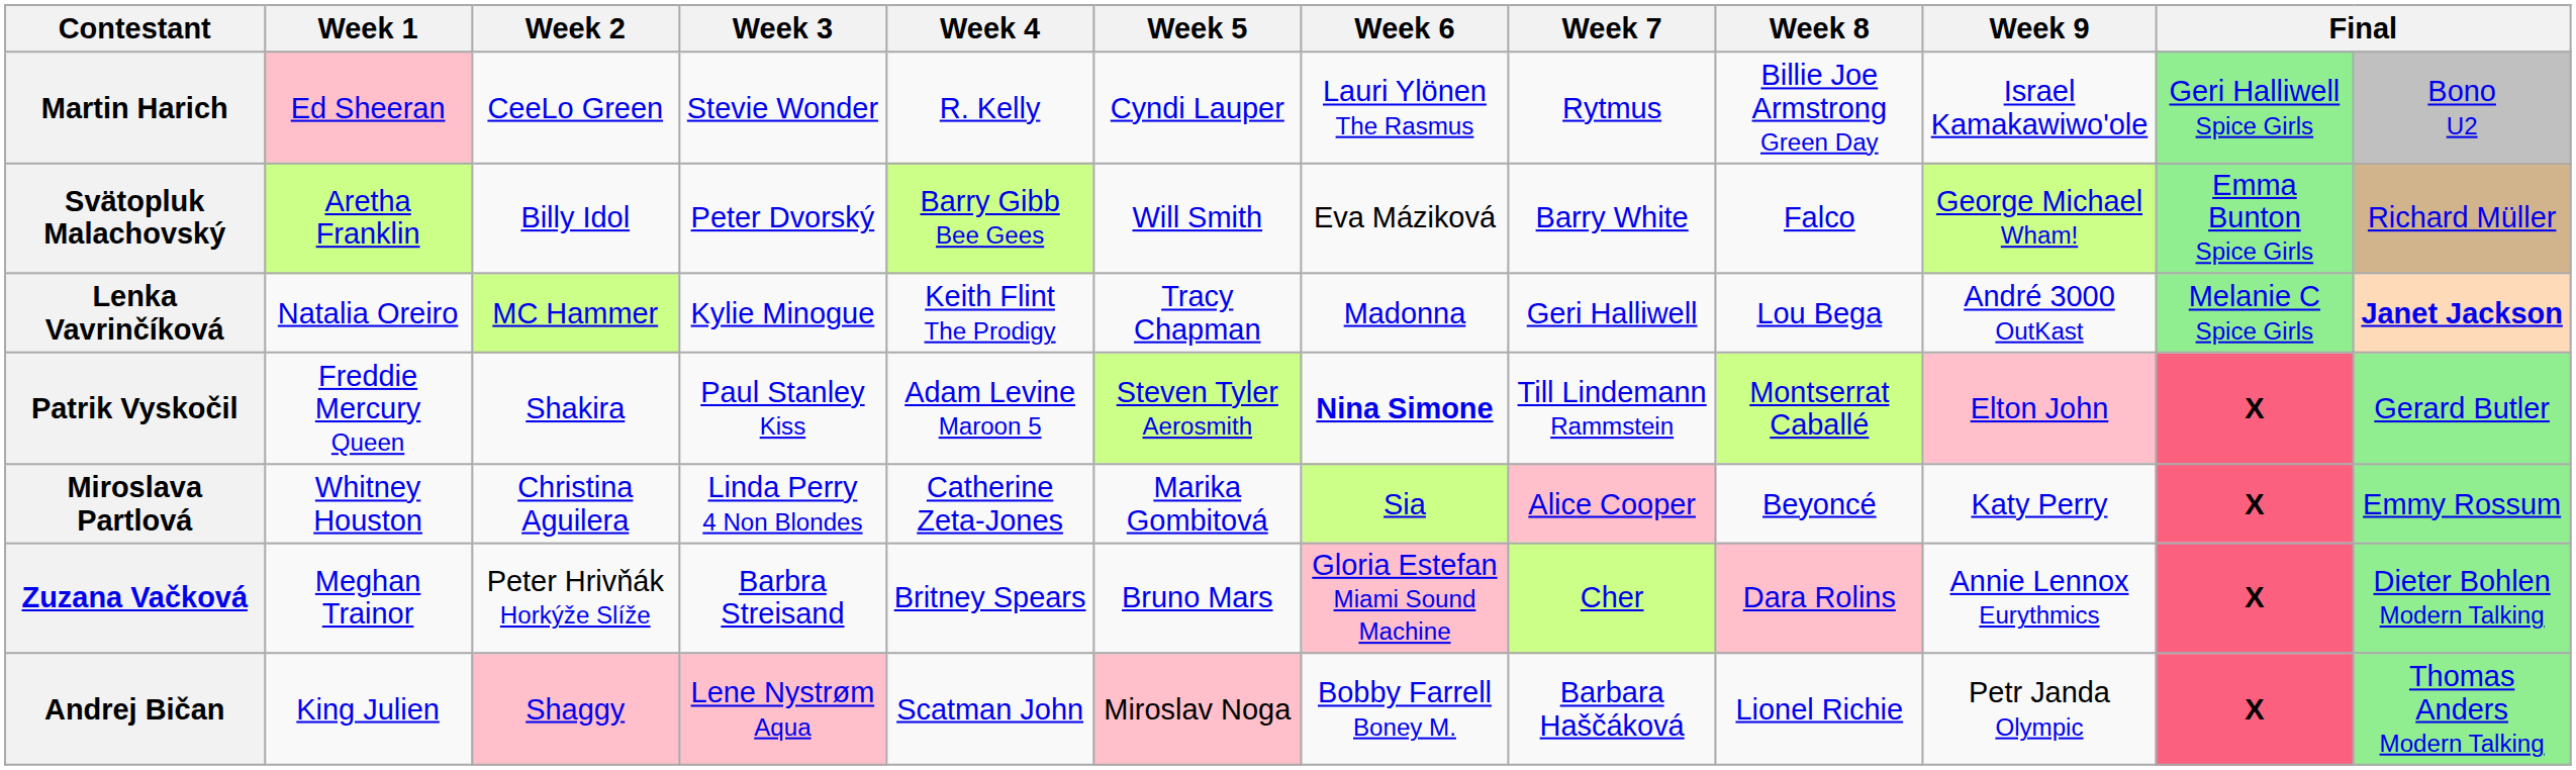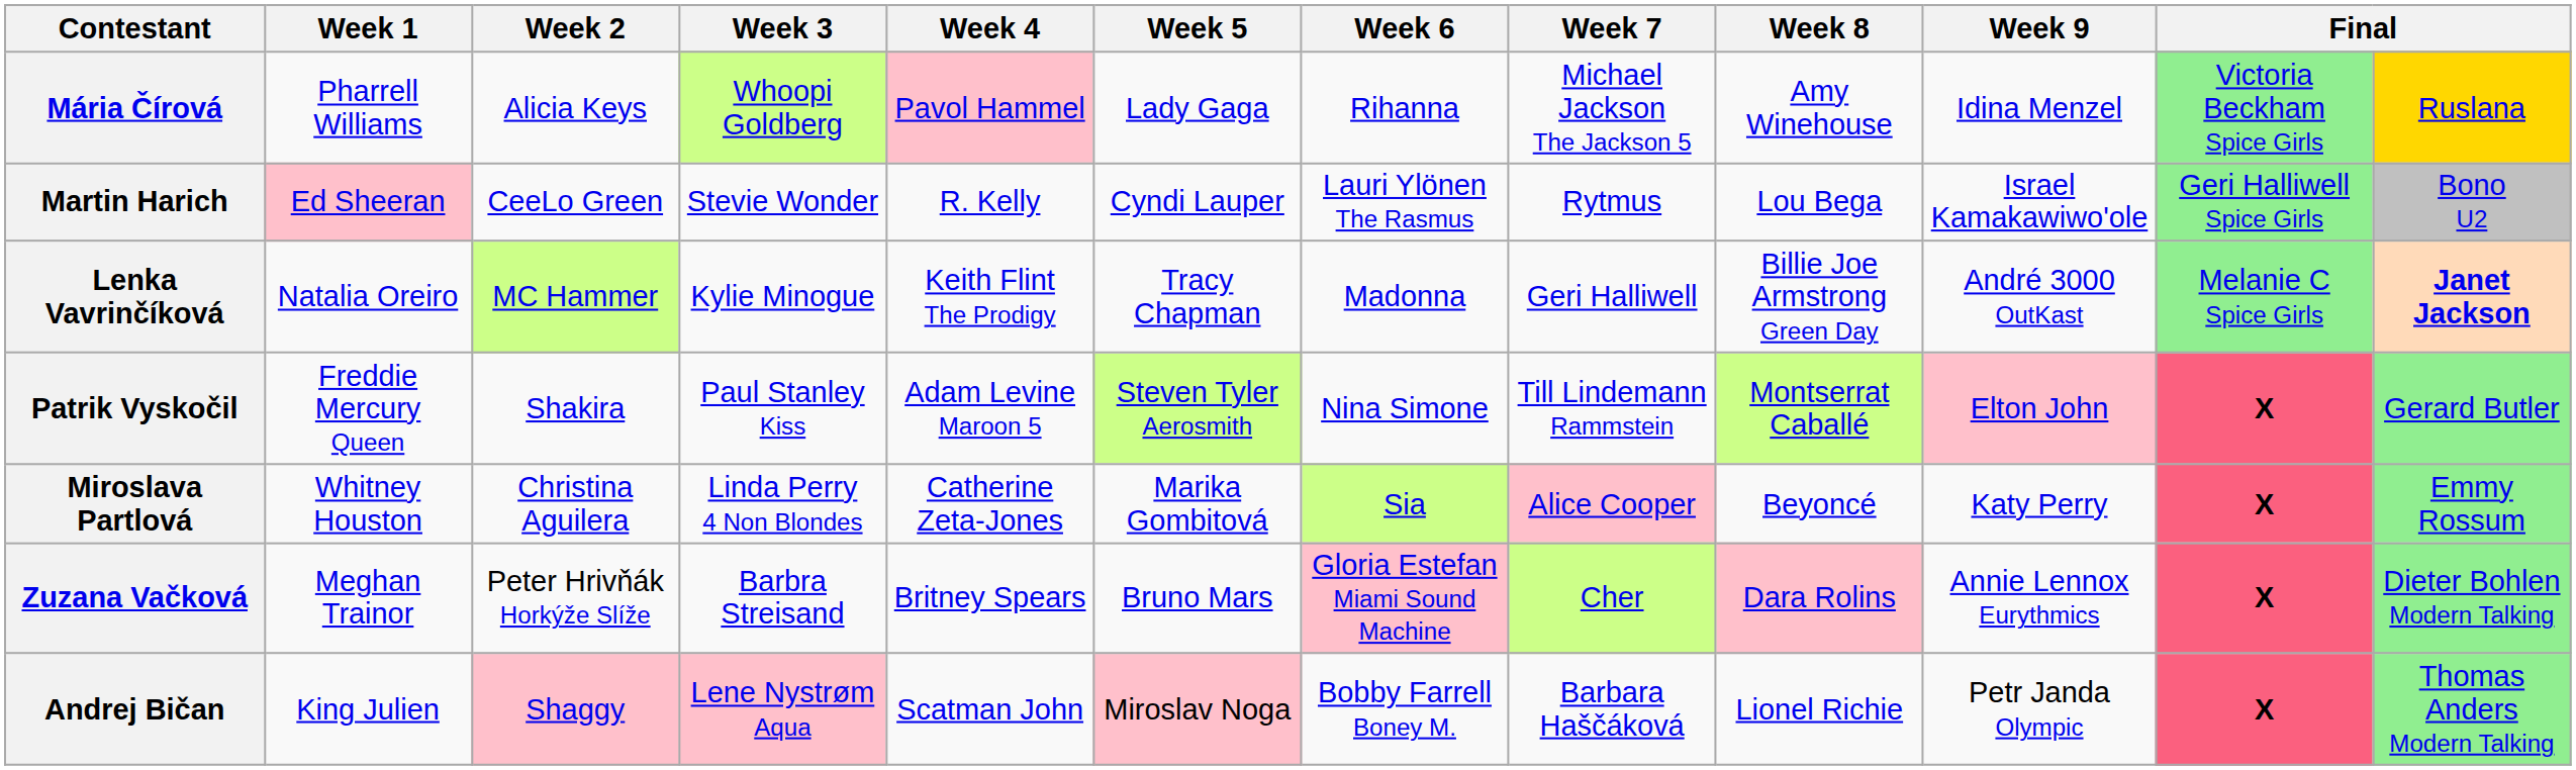 <table class="wikitable" style="font-size:90%; text-align:center; margin-left: auto; margin-right: auto">
 <tr>
 <th style="width: 10%;">Contestant</th>
 <th style="width: 8%;">Week 1</th>
 <th style="width: 8%;">Week 2</th>
 <th style="width: 8%;">Week 3</th>
 <th style="width: 8%;">Week 4</th>
 <th style="width: 8%;">Week 5</th>
 <th style="width: 8%;">Week 6</th>
 <th style="width: 8%;">Week 7</th>
 <th style="width: 8%;">Week 8</th>
 <th style="width: 8%;">Week 9</th>
 <th colspan="2" style="width: 16%;">Final</th>
 </tr>
 <tr>
+<th><a href='#'>Mária Čírová</a></th>
+<td><a href='#'>Pharrell Williams</a></td>
+<td><a href='#'>Alicia Keys</a></td>
+<td style="background:#ccff88"><a href='#'>Whoopi Goldberg</a></td>
+<td style="background:pink"><a href='#'>Pavol Hammel</a></td>
+<td><a href='#'>Lady Gaga</a></td>
+<td><a href='#'>Rihanna</a></td>
+<td><a href='#'>Michael Jackson</a> <br><small><a href='#'>The Jackson 5</a></small></td>
+<td><a href='#'>Amy Winehouse</a></td>
+<td><a href='#'>Idina Menzel</a></td>
+<td style="background:lightgreen"><a href='#'>Victoria Beckham</a> <br><small><a href='#'>Spice Girls</a></small></td>
+<td style="background:gold;"><a href='#'>Ruslana</a></td>
+</tr>
+<tr>
 <th>Martin Harich</th>
 <td style="background:pink"><a href='#'>Ed Sheeran</a></td>
 <td><a href='#'>CeeLo Green</a></td>
 <td><a href='#'>Stevie Wonder</a></td>
 <td><a href='#'>R. Kelly</a></td>
 <td><a href='#'>Cyndi Lauper</a></td>
 <td><a href='#'>Lauri Ylönen</a> <br><small><a href='#'>The Rasmus</a></small></td>
 <td><a href='#'>Rytmus</a></td>
-<td><a href='#'>Billie Joe Armstrong</a> <br><small><a href='#'>Green Day</a></small></td>
+<td><a href='#'>Lou Bega</a></td>
 <td><a href='#'>Israel Kamakawiwo'ole</a></td>
 <td style="background:lightgreen"><a href='#'>Geri Halliwell</a> <br><small><a href='#'>Spice Girls</a></small></td>
 <td style="background:silver;"><a href='#'>Bono</a> <br><small><a href='#'>U2</a></small></td>
-</tr>
-<tr>
-<th>Svätopluk Malachovský</th>
-<td style="background:#ccff88"><a href='#'>Aretha Franklin</a></td>
-<td><a href='#'>Billy Idol</a></td>
-<td><a href='#'>Peter Dvorský</a></td>
-<td style="background:#ccff88"><a href='#'>Barry Gibb</a> <br><small><a href='#'>Bee Gees</a></small></td>
-<td><a href='#'>Will Smith</a></td>
-<td>Eva Máziková</td>
-<td><a href='#'>Barry White</a></td>
-<td><a href='#'>Falco</a></td>
-<td style="background:#ccff88"><a href='#'>George Michael</a> <br><small><a href='#'>Wham!</a></small></td>
-<td style="background:lightgreen"><a href='#'>Emma Bunton</a> <br><small><a href='#'>Spice Girls</a></small></td>
-<td style="background:tan"><a href='#'>Richard Müller</a></td>
 </tr>
 <tr>
 <th>Lenka Vavrinčíková</th>
 <td><a href='#'>Natalia Oreiro</a></td>
 <td style="background:#ccff88"><a href='#'>MC Hammer</a></td>
 <td><a href='#'>Kylie Minogue</a></td>
 <td><a href='#'>Keith Flint</a> <br><small><a href='#'>The Prodigy</a></small></td>
 <td><a href='#'>Tracy Chapman</a></td>
 <td><a href='#'>Madonna</a></td>
 <td><a href='#'>Geri Halliwell</a></td>
-<td><a href='#'>Lou Bega</a></td>
+<td><a href='#'>Billie Joe Armstrong</a> <br><small><a href='#'>Green Day</a></small></td>
 <td><a href='#'>André 3000</a> <br><small><a href='#'>OutKast</a></small></td>
 <td style="background:lightgreen"><a href='#'>Melanie C</a> <br><small><a href='#'>Spice Girls</a></small></td>
 <td style="background:peachpuff"><strong><a href='#'>Janet Jackson</a></strong></td>
 </tr>
 <tr>
 <th>Patrik Vyskočil</th>
 <td><a href='#'>Freddie Mercury</a> <br><small><a href='#'>Queen</a></small></td>
 <td><a href='#'>Shakira</a></td>
 <td><a href='#'>Paul Stanley</a> <br><small><a href='#'>Kiss</a></small></td>
 <td><a href='#'>Adam Levine</a> <br><small><a href='#'>Maroon 5</a></small></td>
 <td style="background:#ccff88"><a href='#'>Steven Tyler</a> <br><small><a href='#'>Aerosmith</a></small></td>
-<td><strong><a href='#'>Nina Simone</a></strong></td>
+<td><a href='#'>Nina Simone</a></td>
 <td><a href='#'>Till Lindemann</a> <br><small><a href='#'>Rammstein</a></small></td>
 <td style="background:#ccff88"><a href='#'>Montserrat Caballé</a></td>
 <td style="background:pink"><a href='#'>Elton John</a></td>
 <td style="background:#FB607F;"><strong>X</strong></td>
 <td style="background:lightgreen"><a href='#'>Gerard Butler</a></td>
 </tr>
 <tr>
 <th>Miroslava Partlová</th>
 <td><a href='#'>Whitney Houston</a></td>
 <td><a href='#'>Christina Aguilera</a></td>
 <td><a href='#'>Linda Perry</a> <br><small><a href='#'>4 Non Blondes</a></small></td>
 <td><a href='#'>Catherine Zeta-Jones</a></td>
 <td><a href='#'>Marika Gombitová</a></td>
 <td style="background:#ccff88"><a href='#'>Sia</a></td>
 <td style="background:pink"><a href='#'>Alice Cooper</a></td>
 <td><a href='#'>Beyoncé</a></td>
 <td><a href='#'>Katy Perry</a></td>
 <td style="background:#FB607F;"><strong>X</strong></td>
 <td style="background:lightgreen"><a href='#'>Emmy Rossum</a></td>
 </tr>
 <tr>
 <th><a href='#'>Zuzana Vačková</a></th>
 <td><a href='#'>Meghan Trainor</a></td>
 <td>Peter Hrivňák <br><small><a href='#'>Horkýže Slíže</a></small></td>
 <td><a href='#'>Barbra Streisand</a></td>
 <td><a href='#'>Britney Spears</a></td>
 <td><a href='#'>Bruno Mars</a></td>
 <td style="background:pink"><a href='#'>Gloria Estefan</a> <br><small><a href='#'>Miami Sound Machine</a></small></td>
 <td style="background:#ccff88"><a href='#'>Cher</a></td>
 <td style="background:pink"><a href='#'>Dara Rolins</a></td>
 <td><a href='#'>Annie Lennox</a> <br><small><a href='#'>Eurythmics</a></small></td>
 <td style="background:#FB607F;"><strong>X</strong></td>
 <td style="background:lightgreen"><a href='#'>Dieter Bohlen</a> <br><small><a href='#'>Modern Talking</a></small></td>
 </tr>
 <tr>
 <th>Andrej Bičan</th>
 <td><a href='#'>King Julien</a></td>
 <td style="background:pink"><a href='#'>Shaggy</a></td>
 <td style="background:pink"><a href='#'>Lene Nystrøm</a> <br><small><a href='#'>Aqua</a></small></td>
 <td><a href='#'>Scatman John</a></td>
 <td style="background:pink">Miroslav Noga</td>
 <td><a href='#'>Bobby Farrell</a> <br><small><a href='#'>Boney M.</a></small></td>
 <td><a href='#'>Barbara Haščáková</a></td>
 <td><a href='#'>Lionel Richie</a></td>
 <td>Petr Janda <br><small><a href='#'>Olympic</a></small></td>
 <td style="background:#FB607F;"><strong>X</strong></td>
 <td style="background:lightgreen"><a href='#'>Thomas Anders</a> <br><small><a href='#'>Modern Talking</a></small></td>
 </tr>
 </table>
